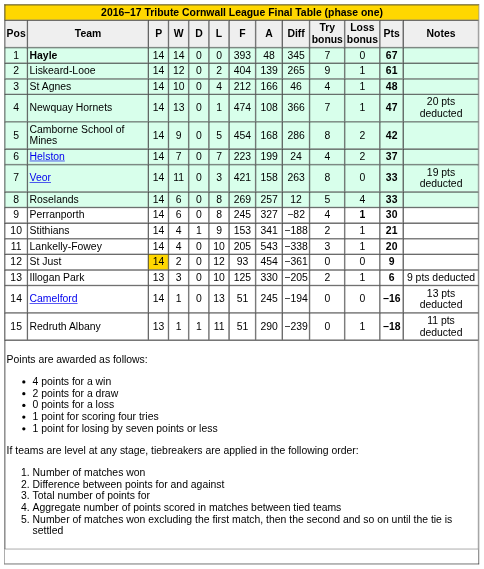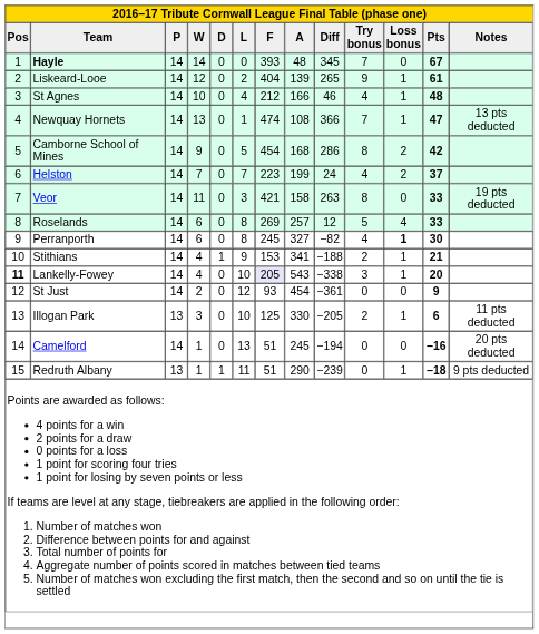 <table border="1" cellpadding="2" cellspacing="0">
 <tr bgcolor="gold">
 <th colspan=13 style="border-right:0px;";>2016–17 Tribute Cornwall League Final Table (phase one)</th>
 </tr>
 <tr bgcolor="#efefef">
 <th width="20">Pos</th>
 <th width="180">Team</th>
 <th width="25">P</th>
 <th width="25">W</th>
 <th width="25">D</th>
 <th width="25">L</th>
 <th width="35">F</th>
 <th width="35">A</th>
 <th width="35">Diff</th>
 <th width="35">Try bonus</th>
 <th width="35">Loss bonus</th>
 <th width="30">Pts</th>
 <th width="110">Notes</th>
 </tr>
 <tr bgcolor=#d8ffeb align=center>
 <td>1</td>
 <td align=left><strong>Hayle</strong></td>
 <td>14</td>
 <td>14</td>
 <td>0</td>
 <td>0</td>
 <td>393</td>
 <td>48</td>
 <td>345</td>
 <td>7</td>
 <td>0</td>
 <td><strong>67</strong></td>
 <td></td>
 </tr>
 <tr bgcolor=#d8ffeb align=center>
 <td>2</td>
 <td align=left>Liskeard-Looe</td>
 <td>14</td>
 <td>12</td>
 <td>0</td>
 <td>2</td>
 <td>404</td>
 <td>139</td>
 <td>265</td>
 <td>9</td>
 <td>1</td>
 <td><strong>61</strong></td>
 <td></td>
 </tr>
 <tr bgcolor=#d8ffeb align=center>
 <td>3</td>
 <td align=left>St Agnes</td>
 <td>14</td>
 <td>10</td>
 <td>0</td>
 <td>4</td>
 <td>212</td>
 <td>166</td>
 <td>46</td>
 <td>4</td>
 <td>1</td>
 <td><strong>48</strong></td>
 <td></td>
 </tr>
 <tr bgcolor=#d8ffeb align=center>
 <td>4</td>
 <td align=left>Newquay Hornets</td>
 <td>14</td>
 <td>13</td>
 <td>0</td>
 <td>1</td>
 <td>474</td>
 <td>108</td>
 <td>366</td>
 <td>7</td>
 <td>1</td>
 <td><strong>47</strong></td>
-<td>20 pts deducted</td>
+<td>13 pts deducted</td>
 </tr>
 <tr bgcolor=#d8ffeb align=center>
 <td>5</td>
 <td align=left>Camborne School of Mines</td>
 <td>14</td>
 <td>9</td>
 <td>0</td>
 <td>5</td>
 <td>454</td>
 <td>168</td>
 <td>286</td>
 <td>8</td>
 <td>2</td>
 <td><strong>42</strong></td>
 <td></td>
 </tr>
 <tr bgcolor=#d8ffeb align=center>
 <td>6</td>
 <td align=left><a href='#'>Helston</a></td>
 <td>14</td>
 <td>7</td>
 <td>0</td>
 <td>7</td>
 <td>223</td>
 <td>199</td>
 <td>24</td>
 <td>4</td>
 <td>2</td>
 <td><strong>37</strong></td>
 <td></td>
 </tr>
 <tr bgcolor=#d8ffeb align=center>
 <td>7</td>
 <td align=left><a href='#'>Veor</a></td>
 <td>14</td>
 <td>11</td>
 <td>0</td>
 <td>3</td>
 <td>421</td>
 <td>158</td>
 <td>263</td>
 <td>8</td>
 <td>0</td>
 <td><strong>33</strong></td>
 <td>19 pts deducted</td>
 </tr>
 <tr bgcolor=#d8ffeb align=center>
 <td>8</td>
 <td align=left>Roselands</td>
 <td>14</td>
 <td>6</td>
 <td>0</td>
 <td>8</td>
 <td>269</td>
 <td>257</td>
 <td>12</td>
 <td>5</td>
 <td>4</td>
 <td><strong>33</strong></td>
 <td></td>
 </tr>
 <tr align=center>
 <td>9</td>
 <td align=left>Perranporth</td>
 <td>14</td>
 <td>6</td>
 <td>0</td>
 <td>8</td>
 <td>245</td>
 <td>327</td>
 <td>−82</td>
 <td>4</td>
 <td><strong>1</strong></td>
 <td><strong>30</strong></td>
 <td></td>
 </tr>
 <tr align=center>
 <td>10</td>
 <td align=left>Stithians</td>
 <td>14</td>
 <td>4</td>
 <td>1</td>
 <td>9</td>
 <td>153</td>
 <td>341</td>
 <td>−188</td>
 <td>2</td>
 <td>1</td>
 <td><strong>21</strong></td>
 <td></td>
 </tr>
 <tr align=center>
-<td>11</td>
+<td><strong>11</strong></td>
 <td align=left>Lankelly-Fowey</td>
 <td>14</td>
 <td>4</td>
 <td>0</td>
 <td>10</td>
-<td>205</td>
+<td style="background: lavender;">205</td>
 <td>543</td>
 <td>−338</td>
 <td>3</td>
 <td>1</td>
 <td><strong>20</strong></td>
 <td></td>
 </tr>
 <tr align=center>
 <td>12</td>
 <td align=left>St Just</td>
-<td style="background: gold;">14</td>
+<td>14</td>
 <td>2</td>
 <td>0</td>
 <td>12</td>
 <td>93</td>
 <td>454</td>
 <td>−361</td>
 <td>0</td>
 <td>0</td>
 <td><strong>9</strong></td>
 <td></td>
 </tr>
 <tr align=center>
 <td>13</td>
 <td align=left>Illogan Park</td>
 <td>13</td>
 <td>3</td>
 <td>0</td>
 <td>10</td>
 <td>125</td>
 <td>330</td>
 <td>−205</td>
 <td>2</td>
 <td>1</td>
 <td><strong>6</strong></td>
-<td>9 pts deducted</td>
+<td>11 pts deducted</td>
 </tr>
 <tr align=center>
 <td>14</td>
 <td align=left><a href='#'>Camelford</a></td>
 <td>14</td>
 <td>1</td>
 <td>0</td>
 <td>13</td>
 <td>51</td>
 <td>245</td>
 <td>−194</td>
 <td>0</td>
 <td>0</td>
 <td><strong>−16</strong></td>
-<td>13 pts deducted</td>
+<td>20 pts deducted</td>
 </tr>
 <tr align=center>
 <td>15</td>
 <td align=left>Redruth Albany</td>
 <td>13</td>
 <td>1</td>
 <td>1</td>
 <td>11</td>
 <td>51</td>
 <td>290</td>
 <td>−239</td>
 <td>0</td>
 <td>1</td>
 <td><strong>−18</strong></td>
-<td>11 pts deducted</td>
+<td>9 pts deducted</td>
 </tr>
 <tr bgcolor=#ffffff>
 <td colspan="13"><br>Points are awarded as follows:<ul><li>4 points for a win</li><li>2 points for a draw</li><li>0 points for a loss</li><li>1 point for scoring four tries</li><li>1 point for losing by seven points or less</li></ul>If teams are level at any stage, tiebreakers are applied in the following order:<ol><li>Number of matches won</li><li>Difference between points for and against</li><li>Total number of points for</li><li>Aggregate number of points scored in matches between tied teams</li><li>Number of matches won excluding the first match, then the second and so on until the tie is settled</li></ol></td>
 </tr>
 <tr |align=left|>
 <td colspan="15" style="border:0px"><br></td>
 </tr>
 </table>
